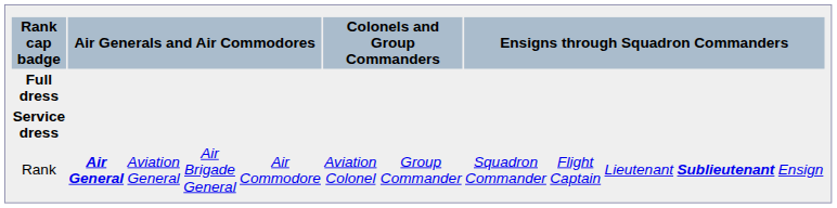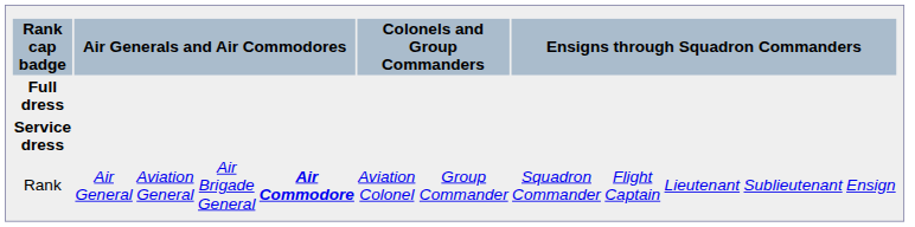 <table style="border:1px solid #8888aa; background-color:#efefef; padding:5px; font-size:100%; margin: 0px 12px 12px 0px;width:100%">
 <tr>
 </tr>
 <tr bgcolor="#aabccc">
 </tr>
 <tr>
 </tr>
 <tr bgcolor="#aabccc">
 <th>Rank cap badge</th>
 <th colspan=4>Air Generals and Air Commodores</th>
 <th colspan=2>Colonels and Group Commanders</th>
 <th colspan=5>Ensigns through Squadron Commanders</th>
 </tr>
 <tr align=center>
 <th>Full dress</th>
 <th colspan=4></th>
 <th colspan=2></th>
 <th colspan=5></th>
 </tr>
 <tr align=center>
 <th>Service dress</th>
 <th colspan=4></th>
 <th colspan=2></th>
 <th colspan=5></th>
 </tr>
 <tr align="center">
 <td>Rank</td>
-<td><strong><em><a href='#'>Air General</a></em></strong></td>
+<td><em><a href='#'>Air General</a></em></td>
 <td><em><a href='#'>Aviation General</a></em></td>
 <td><em><a href='#'>Air Brigade General</a></em></td>
-<td><em><a href='#'>Air Commodore</a></em></td>
+<td><strong><em><a href='#'>Air Commodore</a></em></strong></td>
 <td><em><a href='#'>Aviation Colonel</a></em></td>
 <td><em><a href='#'>Group Commander</a></em></td>
 <td><em><a href='#'>Squadron Commander</a></em></td>
 <td><em> <a href='#'>Flight Captain</a></em></td>
 <td><em><a href='#'>Lieutenant</a></em></td>
-<td><strong><em><a href='#'>Sublieutenant</a></em></strong></td>
+<td><em><a href='#'>Sublieutenant</a></em></td>
 <td><em><a href='#'>Ensign</a></em></td>
 </tr>
 </table>
